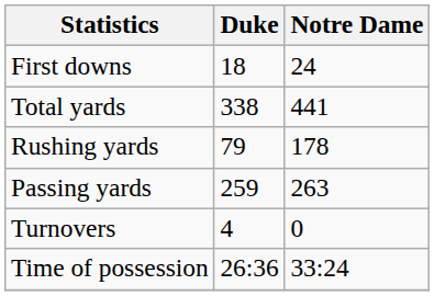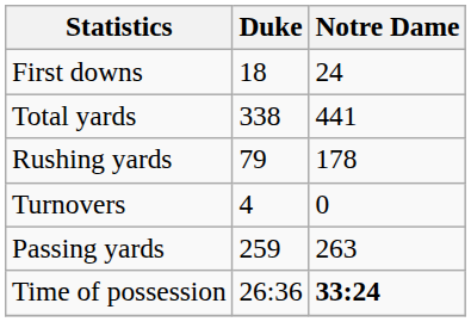 <table class="wikitable">
 <tr>
 <th>Statistics</th>
 <th>Duke</th>
 <th>Notre Dame</th>
 </tr>
 <tr>
 <td>First downs</td>
 <td>18</td>
 <td>24</td>
 </tr>
 <tr>
 <td>Total yards</td>
 <td>338</td>
 <td>441</td>
 </tr>
 <tr>
 <td>Rushing yards</td>
 <td>79</td>
 <td>178</td>
 </tr>
 <tr>
+<td>Turnovers</td>
+<td>4</td>
+<td>0</td>
+</tr>
+<tr>
 <td>Passing yards</td>
 <td>259</td>
 <td>263</td>
 </tr>
 <tr>
-<td>Turnovers</td>
-<td>4</td>
-<td>0</td>
-</tr>
-<tr>
 <td>Time of possession</td>
 <td>26:36</td>
-<td>33:24</td>
+<td><strong>33:24</strong></td>
 </tr>
 <tr>
 </tr>
 </table>
